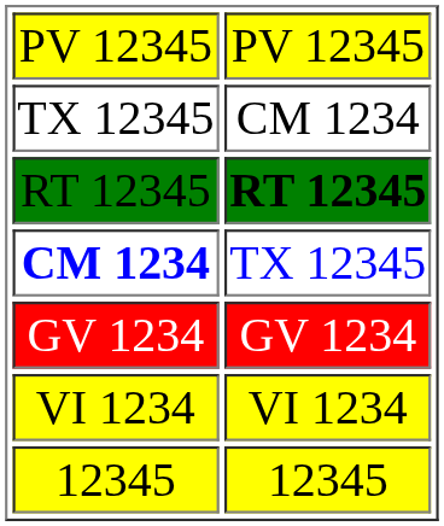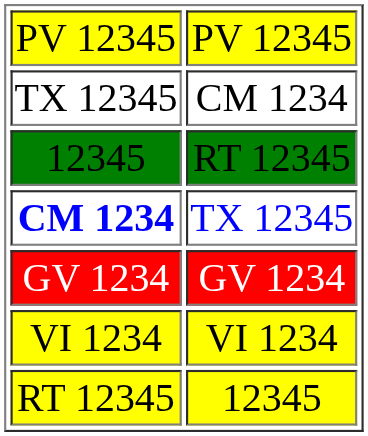 <table border="1" style="margin:1em auto;">
 <tr size="40"  style="text-align:center; color:black; font-size:14pt; background:yellow;">
 <td>PV 12345</td>
 <td>PV 12345</td>
 </tr>
 <tr style="text-align:center; color:black; font-size:14pt; background:white;">
 <td>TX 12345</td>
 <td>CM 1234</td>
 </tr>
 <tr style="text-align:center; color:black; font-size:14pt; background:green;">
+<td>12345</td>
 <td>RT 12345</td>
-<td><strong>RT 12345</strong></td>
 </tr>
 <tr style="text-align:center; color:blue; font-size:14pt; background:white;">
 <td><strong>CM 1234</strong></td>
 <td>TX 12345</td>
 </tr>
 <tr style="text-align:center; color:white; font-size:14pt; background:red;">
 <td>GV 1234</td>
 <td>GV 1234</td>
 </tr>
 <tr style="text-align:center; color:black; font-size:14pt; background:yellow">
 <td>VI 1234</td>
 <td>VI 1234</td>
 </tr>
 <tr style="text-align:center; color:black; font-size:14pt; background:yellow">
-<td>12345</td>
+<td>RT 12345</td>
 <td>12345</td>
 </tr>
 </table>
